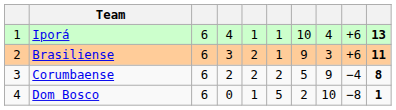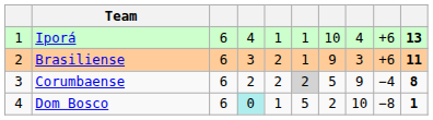 <table class="wikitable" style="text-align: center;">
 <tr>
 <th width=20></th>
 <th width=165>Team</th>
 <th width=20></th>
 <th width=20></th>
 <th width=20></th>
 <th width=20></th>
 <th width=20></th>
 <th width=20></th>
 <th width=20></th>
 <th width=20></th>
 </tr>
 <tr bgcolor=#ccffcc>
 <td>1</td>
 <td align=left> <a href='#'>Iporá</a></td>
 <td>6</td>
 <td>4</td>
 <td>1</td>
 <td>1</td>
 <td>10</td>
 <td>4</td>
 <td>+6</td>
 <td><strong>13</strong></td>
 </tr>
 <tr bgcolor=#ffcc99>
 <td>2</td>
 <td align=left> <a href='#'>Brasiliense</a></td>
 <td>6</td>
 <td>3</td>
 <td>2</td>
 <td>1</td>
 <td>9</td>
 <td>3</td>
 <td>+6</td>
 <td><strong>11</strong></td>
 </tr>
 <tr>
 <td>3</td>
 <td align=left> <a href='#'>Corumbaense</a></td>
 <td>6</td>
 <td>2</td>
 <td>2</td>
-<td>2</td>
+<td style="background: lightgrey;">2</td>
 <td>5</td>
 <td>9</td>
 <td>−4</td>
 <td><strong>8</strong></td>
 </tr>
 <tr>
 <td>4</td>
 <td align=left> <a href='#'>Dom Bosco</a></td>
 <td>6</td>
-<td>0</td>
+<td style="background: paleturquoise;">0</td>
 <td>1</td>
 <td>5</td>
 <td>2</td>
 <td>10</td>
 <td>−8</td>
 <td><strong>1</strong></td>
 </tr>
 </table>
